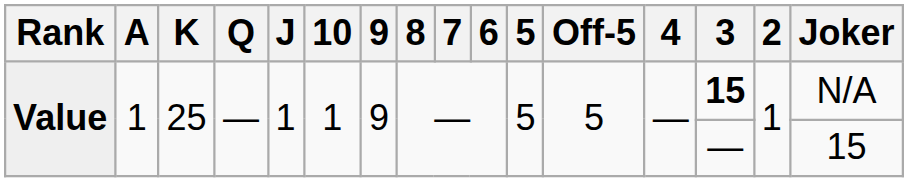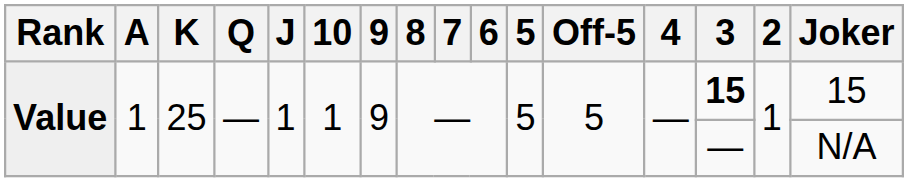 <table class="wikitable" align="right">
 <tr>
 <th>Rank</th>
 <th>A</th>
 <th>K</th>
 <th>Q</th>
 <th>J</th>
 <th>10</th>
 <th>9</th>
 <th>8</th>
 <th>7</th>
 <th>6</th>
 <th>5</th>
 <th>Off-5</th>
 <th>4</th>
 <th>3</th>
 <th>2</th>
 <th>Joker</th>
 </tr>
 <tr align="center">
 <td style="background:#efefef;" rowspan="2"><strong>Value</strong></td>
 <td rowspan="2">1</td>
 <td rowspan="2">25</td>
 <td rowspan="2">—</td>
 <td rowspan="2">1</td>
 <td rowspan="2">1</td>
 <td rowspan="2">9</td>
 <td rowspan="2" colspan=3>—</td>
 <td rowspan="2">5</td>
 <td rowspan="2">5</td>
 <td rowspan="2">—</td>
 <td><strong>15</strong></td>
 <td rowspan="2">1</td>
-<td>N/A</td>
+<td>15</td>
 </tr>
 <tr align="center">
 <td>—</td>
-<td>15</td>
+<td>N/A</td>
 </tr>
 </table>
